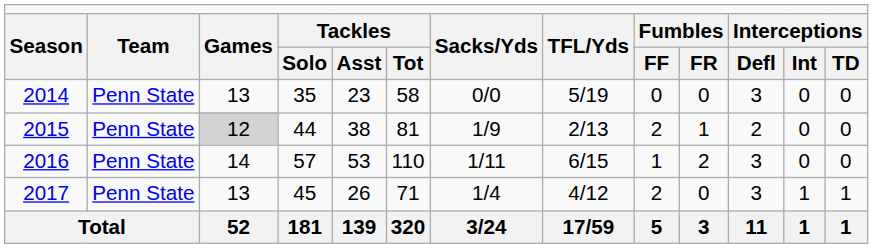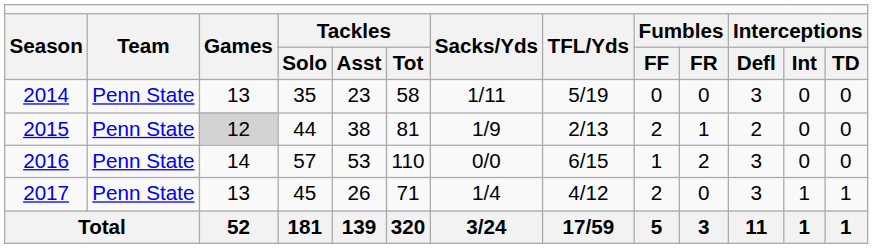 <table class="wikitable" style="text-align:center;">
 <tr>
 <td ! colspan="13"></td>
 </tr>
 <tr>
 <th rowspan="2">Season</th>
 <th rowspan="2">Team</th>
 <th rowspan="2">Games</th>
 <th colspan="3">Tackles</th>
 <th rowspan="2">Sacks/Yds</th>
 <th rowspan="2">TFL/Yds</th>
 <th colspan="2">Fumbles</th>
 <th colspan="3">Interceptions</th>
 </tr>
 <tr>
 <th>Solo</th>
 <th>Asst</th>
 <th>Tot</th>
 <th>FF</th>
 <th>FR</th>
 <th>Defl</th>
 <th>Int</th>
 <th>TD</th>
 </tr>
 <tr>
 <td><a href='#'>2014</a></td>
 <td><a href='#'>Penn State</a></td>
 <td>13</td>
 <td>35</td>
 <td>23</td>
 <td>58</td>
-<td>0/0</td>
+<td>1/11</td>
 <td>5/19</td>
 <td>0</td>
 <td>0</td>
 <td>3</td>
 <td>0</td>
 <td>0</td>
 </tr>
 <tr>
 <td><a href='#'>2015</a></td>
 <td><a href='#'>Penn State</a></td>
 <td style="background: lightgrey;">12</td>
 <td>44</td>
 <td>38</td>
 <td>81</td>
 <td>1/9</td>
 <td>2/13</td>
 <td>2</td>
 <td>1</td>
 <td>2</td>
 <td>0</td>
 <td>0</td>
 </tr>
 <tr>
 <td><a href='#'>2016</a></td>
 <td><a href='#'>Penn State</a></td>
 <td>14</td>
 <td>57</td>
 <td>53</td>
 <td>110</td>
-<td>1/11</td>
+<td>0/0</td>
 <td>6/15</td>
 <td>1</td>
 <td>2</td>
 <td>3</td>
 <td>0</td>
 <td>0</td>
 </tr>
 <tr>
 <td><a href='#'>2017</a></td>
 <td><a href='#'>Penn State</a></td>
 <td>13</td>
 <td>45</td>
 <td>26</td>
 <td>71</td>
 <td>1/4</td>
 <td>4/12</td>
 <td>2</td>
 <td>0</td>
 <td>3</td>
 <td>1</td>
 <td>1</td>
 </tr>
 <tr>
 <th colspan="2">Total</th>
 <th>52</th>
 <th>181</th>
 <th>139</th>
 <th>320</th>
 <th>3/24</th>
 <th>17/59</th>
 <th>5</th>
 <th>3</th>
 <th>11</th>
 <th>1</th>
 <th>1</th>
 </tr>
 </table>
